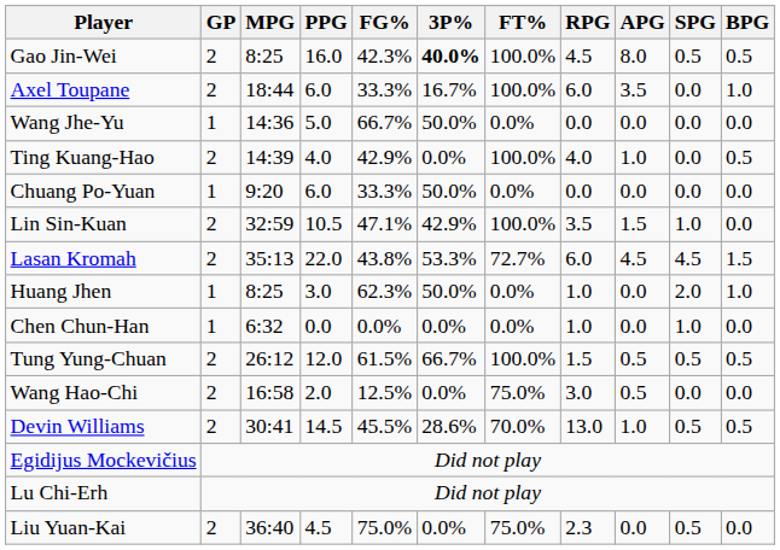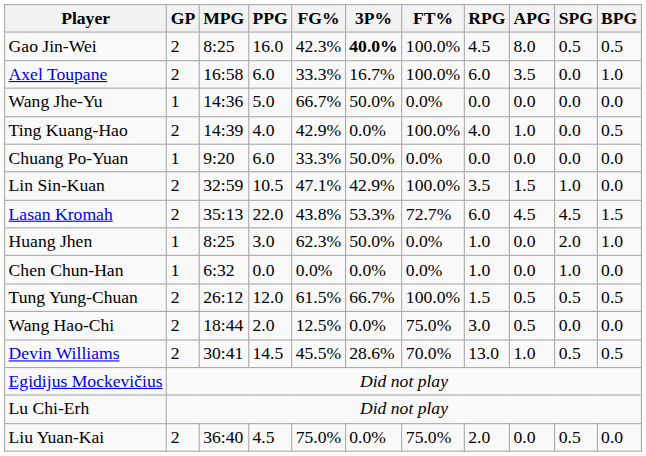 <table class="wikitable">
 <tr>
 <th>Player</th>
 <th>GP</th>
 <th>MPG</th>
 <th>PPG</th>
 <th>FG%</th>
 <th>3P%</th>
 <th>FT%</th>
 <th>RPG</th>
 <th>APG</th>
 <th>SPG</th>
 <th>BPG</th>
 </tr>
 <tr>
 <td>Gao Jin-Wei</td>
 <td>2</td>
 <td>8:25</td>
 <td>16.0</td>
 <td>42.3%</td>
 <td><strong>40.0%</strong></td>
 <td>100.0%</td>
 <td>4.5</td>
 <td>8.0</td>
 <td>0.5</td>
 <td>0.5</td>
 </tr>
 <tr>
 <td><a href='#'>Axel Toupane</a></td>
 <td>2</td>
-<td>18:44</td>
+<td>16:58</td>
 <td>6.0</td>
 <td>33.3%</td>
 <td>16.7%</td>
 <td>100.0%</td>
 <td>6.0</td>
 <td>3.5</td>
 <td>0.0</td>
 <td>1.0</td>
 </tr>
 <tr>
 <td>Wang Jhe-Yu</td>
 <td>1</td>
 <td>14:36</td>
 <td>5.0</td>
 <td>66.7%</td>
 <td>50.0%</td>
 <td>0.0%</td>
 <td>0.0</td>
 <td>0.0</td>
 <td>0.0</td>
 <td>0.0</td>
 </tr>
 <tr>
 <td>Ting Kuang-Hao</td>
 <td>2</td>
 <td>14:39</td>
 <td>4.0</td>
 <td>42.9%</td>
 <td>0.0%</td>
 <td>100.0%</td>
 <td>4.0</td>
 <td>1.0</td>
 <td>0.0</td>
 <td>0.5</td>
 </tr>
 <tr>
 <td>Chuang Po-Yuan</td>
 <td>1</td>
 <td>9:20</td>
 <td>6.0</td>
 <td>33.3%</td>
 <td>50.0%</td>
 <td>0.0%</td>
 <td>0.0</td>
 <td>0.0</td>
 <td>0.0</td>
 <td>0.0</td>
 </tr>
 <tr>
 <td>Lin Sin-Kuan</td>
 <td>2</td>
 <td>32:59</td>
 <td>10.5</td>
 <td>47.1%</td>
 <td>42.9%</td>
 <td>100.0%</td>
 <td>3.5</td>
 <td>1.5</td>
 <td>1.0</td>
 <td>0.0</td>
 </tr>
 <tr>
 <td><a href='#'>Lasan Kromah</a></td>
 <td>2</td>
 <td>35:13</td>
 <td>22.0</td>
 <td>43.8%</td>
 <td>53.3%</td>
 <td>72.7%</td>
 <td>6.0</td>
 <td>4.5</td>
 <td>4.5</td>
 <td>1.5</td>
 </tr>
 <tr>
 <td>Huang Jhen</td>
 <td>1</td>
 <td>8:25</td>
 <td>3.0</td>
 <td>62.3%</td>
 <td>50.0%</td>
 <td>0.0%</td>
 <td>1.0</td>
 <td>0.0</td>
 <td>2.0</td>
 <td>1.0</td>
 </tr>
 <tr>
 <td>Chen Chun-Han</td>
 <td>1</td>
 <td>6:32</td>
 <td>0.0</td>
 <td>0.0%</td>
 <td>0.0%</td>
 <td>0.0%</td>
 <td>1.0</td>
 <td>0.0</td>
 <td>1.0</td>
 <td>0.0</td>
 </tr>
 <tr>
 <td>Tung Yung-Chuan</td>
 <td>2</td>
 <td>26:12</td>
 <td>12.0</td>
 <td>61.5%</td>
 <td>66.7%</td>
 <td>100.0%</td>
 <td>1.5</td>
 <td>0.5</td>
 <td>0.5</td>
 <td>0.5</td>
 </tr>
 <tr>
 <td>Wang Hao-Chi</td>
 <td>2</td>
-<td>16:58</td>
+<td>18:44</td>
 <td>2.0</td>
 <td>12.5%</td>
 <td>0.0%</td>
 <td>75.0%</td>
 <td>3.0</td>
 <td>0.5</td>
 <td>0.0</td>
 <td>0.0</td>
 </tr>
 <tr>
 <td><a href='#'>Devin Williams</a></td>
 <td>2</td>
 <td>30:41</td>
 <td>14.5</td>
 <td>45.5%</td>
 <td>28.6%</td>
 <td>70.0%</td>
 <td>13.0</td>
 <td>1.0</td>
 <td>0.5</td>
 <td>0.5</td>
 </tr>
 <tr>
 <td><a href='#'>Egidijus Mockevičius</a></td>
 <td colspan=10 align=center><em>Did not play</em></td>
 </tr>
 <tr>
 <td>Lu Chi-Erh</td>
 <td colspan=10 align=center><em>Did not play</em></td>
 </tr>
 <tr>
 <td>Liu Yuan-Kai</td>
 <td>2</td>
 <td>36:40</td>
 <td>4.5</td>
 <td>75.0%</td>
 <td>0.0%</td>
 <td>75.0%</td>
-<td>2.3</td>
+<td>2.0</td>
 <td>0.0</td>
 <td>0.5</td>
 <td>0.0</td>
 </tr>
 </table>
